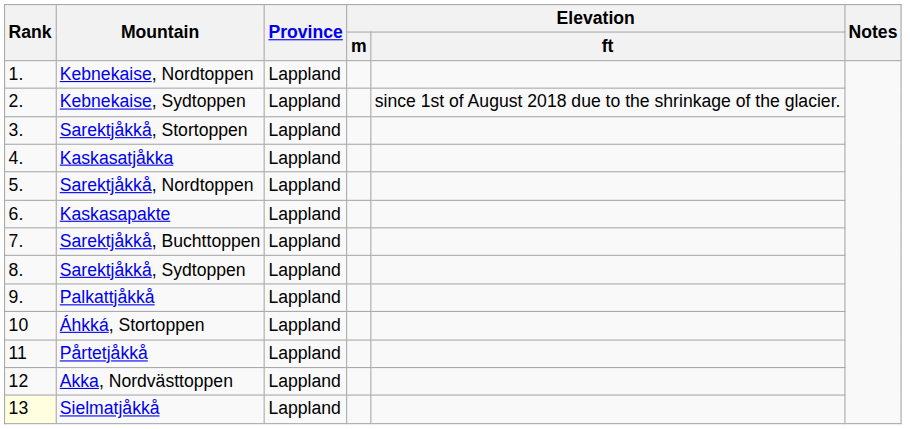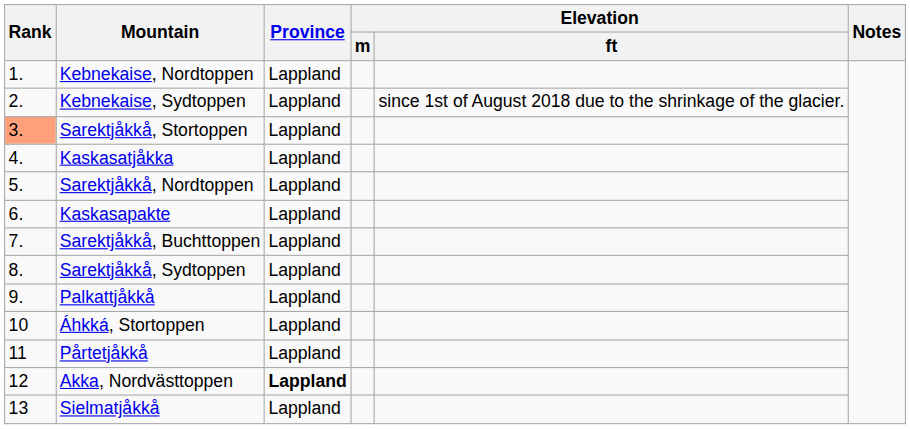 <table class="wikitable">
 <tr>
 <th rowspan=2>Rank</th>
 <th rowspan=2>Mountain</th>
 <th rowspan=2><a href='#'>Province</a></th>
 <th colspan=2>Elevation</th>
 <th rowspan=2>Notes</th>
 </tr>
 <tr>
 <th>m</th>
 <th>ft</th>
 </tr>
 <tr>
 <td>1.</td>
 <td><a href='#'>Kebnekaise</a>, Nordtoppen</td>
 <td>Lappland</td>
 <td></td>
 <td></td>
 </tr>
 <tr>
 <td>2.</td>
 <td><a href='#'>Kebnekaise</a>, Sydtoppen</td>
 <td>Lappland</td>
 <td></td>
 <td>since 1st of August 2018 due to the shrinkage of the glacier.</td>
 </tr>
 <tr>
-<td>3.</td>
+<td style="background: lightsalmon;">3.</td>
 <td><a href='#'>Sarektjåkkå</a>, Stortoppen</td>
 <td>Lappland</td>
 <td></td>
 <td></td>
 </tr>
 <tr>
 <td>4.</td>
 <td><a href='#'>Kaskasatjåkka</a></td>
 <td>Lappland</td>
 <td></td>
 <td></td>
 </tr>
 <tr>
 <td>5.</td>
 <td><a href='#'>Sarektjåkkå</a>, Nordtoppen</td>
 <td>Lappland</td>
 <td></td>
 <td></td>
 </tr>
 <tr>
 <td>6.</td>
 <td><a href='#'>Kaskasapakte</a></td>
 <td>Lappland</td>
 <td></td>
 <td></td>
 </tr>
 <tr>
 <td>7.</td>
 <td><a href='#'>Sarektjåkkå</a>, Buchttoppen</td>
 <td>Lappland</td>
 <td></td>
 <td></td>
 </tr>
 <tr>
 <td>8.</td>
 <td><a href='#'>Sarektjåkkå</a>, Sydtoppen</td>
 <td>Lappland</td>
 <td></td>
 <td></td>
 </tr>
 <tr>
 <td>9.</td>
 <td><a href='#'>Palkattjåkkå</a></td>
 <td>Lappland</td>
 <td></td>
 <td></td>
 </tr>
 <tr>
 <td>10</td>
 <td><a href='#'>Áhkká</a>, Stortoppen</td>
 <td>Lappland</td>
 <td></td>
 <td></td>
 </tr>
 <tr>
 <td>11</td>
 <td><a href='#'>Pårtetjåkkå</a></td>
 <td>Lappland</td>
 <td></td>
 <td></td>
 </tr>
 <tr>
 <td>12</td>
 <td><a href='#'>Akka</a>, Nordvästtoppen</td>
-<td>Lappland</td>
+<td><strong>Lappland</strong></td>
 <td></td>
 <td></td>
 </tr>
 <tr>
-<td style="background: lightyellow;">13</td>
+<td>13</td>
 <td><a href='#'>Sielmatjåkkå</a></td>
 <td>Lappland</td>
 <td></td>
 <td></td>
 </tr>
 </table>
